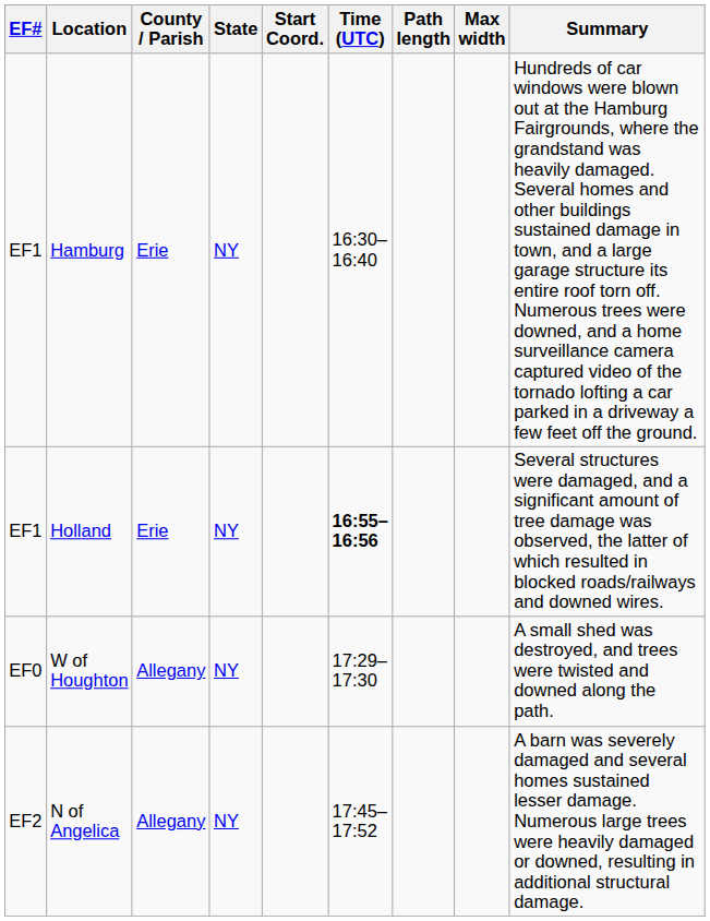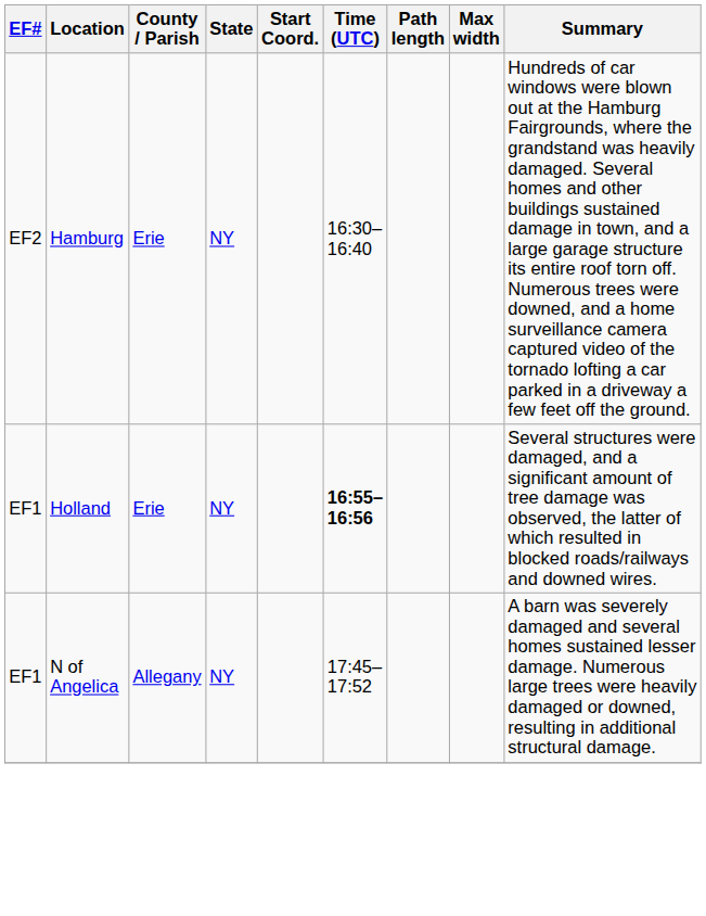 <table class="wikitable sortable" style="width:100%;">
 <tr>
 <th scope="col"  style="width:3%; text-align:center;"><a href='#'>EF#</a></th>
 <th scope="col"  style="width:7%; text-align:center;" class="unsortable">Location</th>
 <th scope="col"  style="width:6%; text-align:center;" class="unsortable">County / Parish</th>
 <th scope="col"  style="width:5%; text-align:center;">State</th>
 <th scope="col"  style="width:6%; text-align:center;">Start Coord.</th>
 <th scope="col"  style="width:6%; text-align:center;">Time (<a href='#'>UTC</a>)</th>
 <th scope="col"  style="width:6%; text-align:center;">Path length</th>
 <th scope="col"  style="width:6%; text-align:center;">Max width</th>
 <th scope="col" class="unsortable" style="width:48%; text-align:center;">Summary</th>
 </tr>
 <tr>
-<td>EF1</td>
+<td>EF2</td>
 <td><a href='#'>Hamburg</a></td>
 <td><a href='#'>Erie</a></td>
 <td><a href='#'>NY</a></td>
 <td></td>
 <td>16:30–16:40</td>
 <td></td>
 <td></td>
 <td>Hundreds of car windows were blown out at the Hamburg Fairgrounds, where the grandstand was heavily damaged. Several homes and other buildings sustained damage in town, and a large garage structure its entire roof torn off. Numerous trees were downed, and a home surveillance camera captured video of the tornado lofting a car parked in a driveway a few feet off the ground.</td>
 </tr>
 <tr>
 <td>EF1</td>
 <td><a href='#'>Holland</a></td>
 <td><a href='#'>Erie</a></td>
 <td><a href='#'>NY</a></td>
 <td></td>
 <td><strong>16:55–16:56</strong></td>
 <td></td>
 <td></td>
 <td>Several structures were damaged, and a significant amount of tree damage was observed, the latter of which resulted in blocked roads/railways and downed wires.</td>
 </tr>
 <tr>
-<td>EF0</td>
-<td>W of <a href='#'>Houghton</a></td>
-<td><a href='#'>Allegany</a></td>
-<td><a href='#'>NY</a></td>
-<td></td>
-<td>17:29–17:30</td>
-<td></td>
-<td></td>
-<td>A small shed was destroyed, and trees were twisted and downed along the path.</td>
-</tr>
-<tr>
-<td>EF2</td>
+<td>EF1</td>
 <td>N of <a href='#'>Angelica</a></td>
 <td><a href='#'>Allegany</a></td>
 <td><a href='#'>NY</a></td>
 <td></td>
 <td>17:45–17:52</td>
 <td></td>
 <td></td>
 <td>A barn was severely damaged and several homes sustained lesser damage. Numerous large trees were heavily damaged or downed, resulting in additional structural damage.</td>
 </tr>
 <tr>
 </tr>
 </table>
